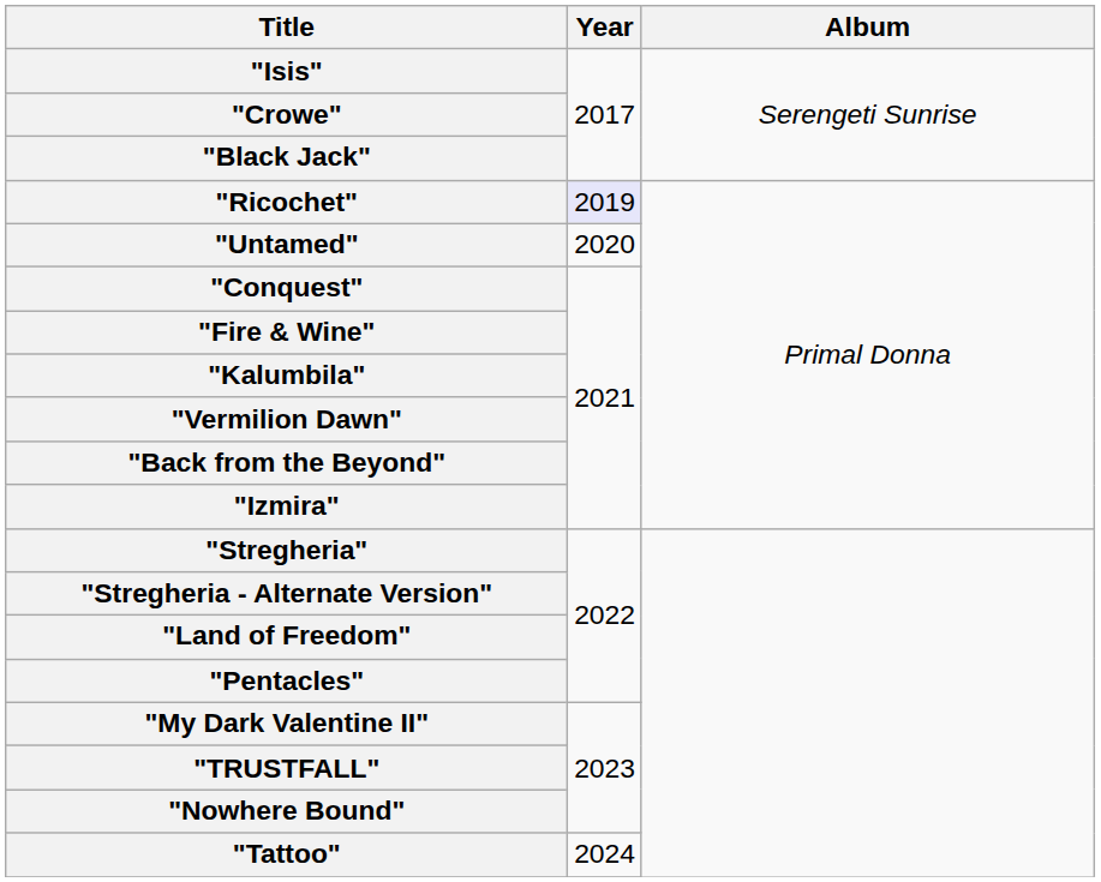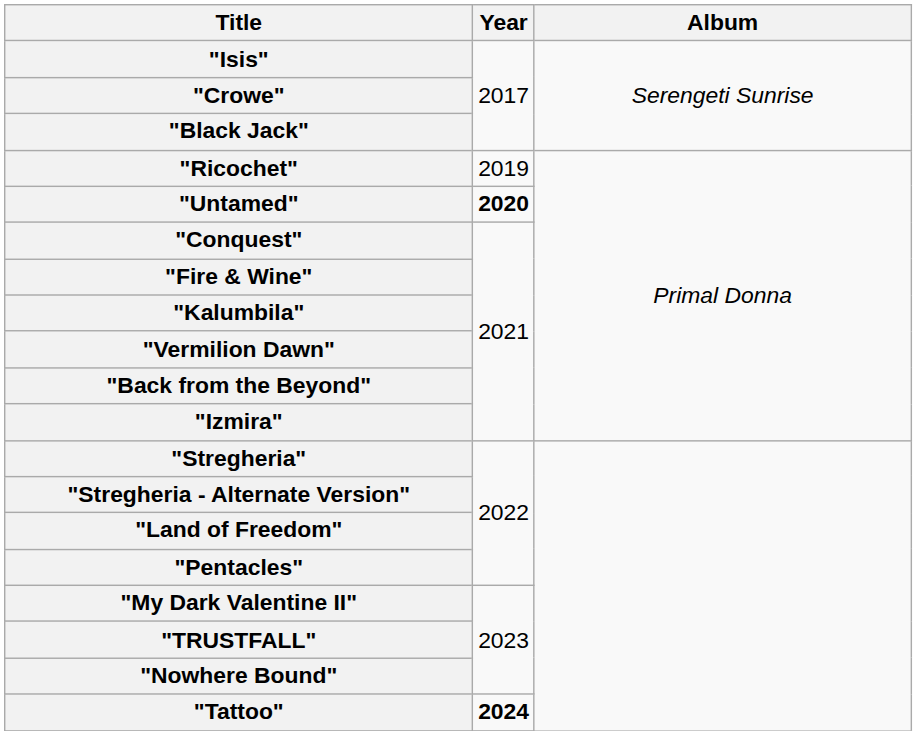 <table class="wikitable plainrowheaders" style="text-align:center;">
 <tr>
 <th scope="col" style="width:20em;">Title</th>
 <th scope="col" style="width:1em;">Year</th>
 <th scope="col" style="width:16em;">Album</th>
 </tr>
 <tr>
 <th scope="row">"Isis"</th>
 <td rowspan="3">2017</td>
 <td rowspan="3"><em>Serengeti Sunrise</em></td>
 </tr>
 <tr>
 <th scope="row">"Crowe"</th>
 </tr>
 <tr>
 <th scope="row">"Black Jack"</th>
 </tr>
 <tr>
 <th scope="row">"Ricochet"</th>
-<td style="background: lavender;">2019</td>
+<td>2019</td>
 <td rowspan="8"><em>Primal Donna</em></td>
 </tr>
 <tr>
 <th scope="row">"Untamed"</th>
-<td>2020</td>
+<td><strong>2020</strong></td>
 </tr>
 <tr>
 <th scope="row">"Conquest"</th>
 <td rowspan="6">2021</td>
 </tr>
 <tr>
 <th scope="row">"Fire & Wine"</th>
 </tr>
 <tr>
 <th scope="row">"Kalumbila"</th>
 </tr>
 <tr>
 <th scope="row">"Vermilion Dawn"</th>
 </tr>
 <tr>
 <th scope="row">"Back from the Beyond"</th>
 </tr>
 <tr>
 <th scope="row">"Izmira"</th>
 </tr>
 <tr>
 <th scope="row">"Stregheria"</th>
 <td rowspan="4">2022</td>
 </tr>
 <tr>
 <th scope="row">"Stregheria - Alternate Version"</th>
 </tr>
 <tr>
 <th scope="row">"Land of Freedom"</th>
 </tr>
 <tr>
 <th scope="row">"Pentacles"</th>
 </tr>
 <tr>
 <th scope="row">"My Dark Valentine II"</th>
 <td rowspan="3">2023</td>
 </tr>
 <tr>
 <th scope="row">"TRUSTFALL"</th>
 </tr>
 <tr>
 <th scope="row">"Nowhere Bound"</th>
 </tr>
 <tr>
 <th scope="row">"Tattoo"</th>
-<td rowspan="1">2024</td>
+<td rowspan="1"><strong>2024</strong></td>
 </tr>
 <tr>
 </tr>
 </table>
